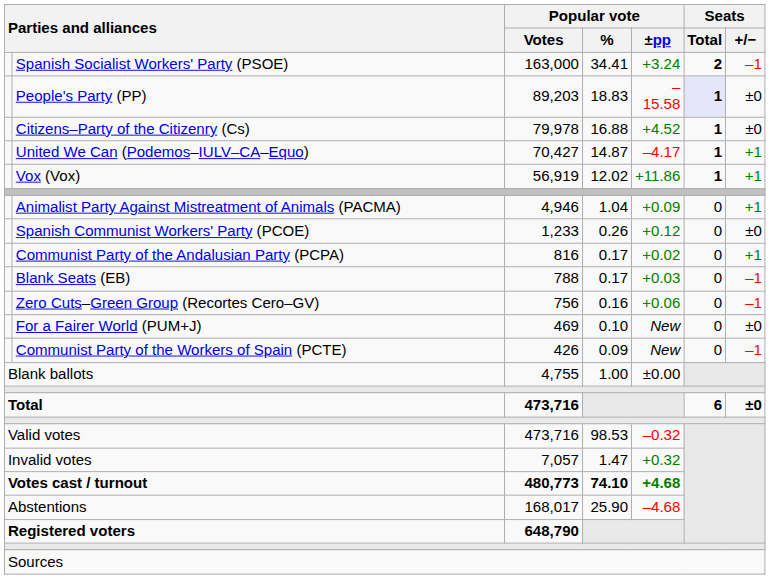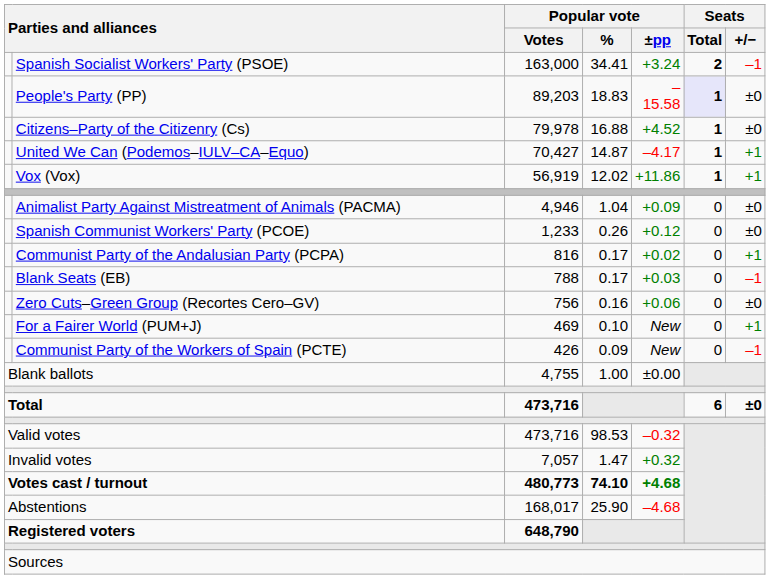 <table class="wikitable" style="text-align:right;">
 <tr>
 <th style="text-align:left;" rowspan="2" colspan="2" width="525">Parties and alliances</th>
 <th colspan="3">Popular vote</th>
 <th colspan="2">Seats</th>
 </tr>
 <tr>
 <th width="75">Votes</th>
 <th width="45">%</th>
 <th width="45">±<a href='#'>pp</a></th>
 <th width="35">Total</th>
 <th width="35">+/−</th>
 </tr>
 <tr>
 <td width="1" style="color:inherit;background:"></td>
 <td align="left"><a href='#'>Spanish Socialist Workers' Party</a> (PSOE)</td>
 <td>163,000</td>
 <td>34.41</td>
 <td style="color:green;">+3.24</td>
 <td><strong>2</strong></td>
 <td style="color:red;">–1</td>
 </tr>
 <tr>
 <td style="color:inherit;background:"></td>
 <td align="left"><a href='#'>People's Party</a> (PP)</td>
 <td>89,203</td>
 <td>18.83</td>
 <td style="color:red;">–15.58</td>
 <td style="background: lavender;"><strong>1</strong></td>
 <td>±0</td>
 </tr>
 <tr>
 <td style="color:inherit;background:"></td>
 <td align="left"><a href='#'>Citizens–Party of the Citizenry</a> (Cs)</td>
 <td>79,978</td>
 <td>16.88</td>
 <td style="color:green;">+4.52</td>
 <td><strong>1</strong></td>
 <td>±0</td>
 </tr>
 <tr>
 <td style="color:inherit;background:"></td>
 <td align="left"><a href='#'>United We Can</a> (<a href='#'>Podemos</a>–<a href='#'>IULV–CA</a>–<a href='#'>Equo</a>)</td>
 <td>70,427</td>
 <td>14.87</td>
 <td style="color:red;">–4.17</td>
 <td><strong>1</strong></td>
 <td style="color:green;">+1</td>
 </tr>
 <tr>
 <td style="color:inherit;background:"></td>
 <td align="left"><a href='#'>Vox</a> (Vox)</td>
 <td>56,919</td>
 <td>12.02</td>
 <td style="color:green;">+11.86</td>
 <td><strong>1</strong></td>
 <td style="color:green;">+1</td>
 </tr>
 <tr>
 <td colspan="7" bgcolor="#C0C0C0"></td>
 </tr>
 <tr>
 <td style="color:inherit;background:"></td>
 <td align="left"><a href='#'>Animalist Party Against Mistreatment of Animals</a> (PACMA)</td>
 <td>4,946</td>
 <td>1.04</td>
 <td style="color:green;">+0.09</td>
 <td>0</td>
-<td style="color:green;">+1</td>
+<td>±0</td>
 </tr>
 <tr>
 <td style="color:inherit;background:"></td>
 <td align="left"><a href='#'>Spanish Communist Workers' Party</a> (PCOE)</td>
 <td>1,233</td>
 <td>0.26</td>
 <td style="color:green;">+0.12</td>
 <td>0</td>
 <td>±0</td>
 </tr>
 <tr>
 <td style="color:inherit;background:"></td>
 <td align="left"><a href='#'>Communist Party of the Andalusian Party</a> (PCPA)</td>
 <td>816</td>
 <td>0.17</td>
 <td style="color:green;">+0.02</td>
 <td>0</td>
 <td style="color:green;">+1</td>
 </tr>
 <tr>
 <td style="color:inherit;background:"></td>
 <td align="left"><a href='#'>Blank Seats</a> (EB)</td>
 <td>788</td>
 <td>0.17</td>
 <td style="color:green;">+0.03</td>
 <td>0</td>
 <td style="color:red;">–1</td>
 </tr>
 <tr>
 <td style="color:inherit;background:"></td>
 <td align="left"><a href='#'>Zero Cuts</a>–<a href='#'>Green Group</a> (Recortes Cero–GV)</td>
 <td>756</td>
 <td>0.16</td>
 <td style="color:green;">+0.06</td>
 <td>0</td>
-<td style="color:red;">–1</td>
+<td>±0</td>
 </tr>
 <tr>
 <td style="color:inherit;background:"></td>
 <td align="left"><a href='#'>For a Fairer World</a> (PUM+J)</td>
 <td>469</td>
 <td>0.10</td>
 <td><em>New</em></td>
 <td>0</td>
-<td>±0</td>
+<td style="color:green;">+1</td>
 </tr>
 <tr>
 <td style="color:inherit;background:"></td>
 <td align="left"><a href='#'>Communist Party of the Workers of Spain</a> (PCTE)</td>
 <td>426</td>
 <td>0.09</td>
 <td><em>New</em></td>
 <td>0</td>
 <td style="color:red;">–1</td>
 </tr>
 <tr>
 <td align="left" colspan="2">Blank ballots</td>
 <td>4,755</td>
 <td>1.00</td>
 <td>±0.00</td>
 <td bgcolor="#E9E9E9" colspan="2"></td>
 </tr>
 <tr>
 <td colspan="7" bgcolor="#E9E9E9"></td>
 </tr>
 <tr style="font-weight:bold;">
 <td align="left" colspan="2">Total</td>
 <td>473,716</td>
 <td bgcolor="#E9E9E9" colspan="2"></td>
 <td>6</td>
 <td>±0</td>
 </tr>
 <tr>
 <td colspan="7" bgcolor="#E9E9E9"></td>
 </tr>
 <tr>
 <td align="left" colspan="2">Valid votes</td>
 <td>473,716</td>
 <td>98.53</td>
 <td style="color:red;">–0.32</td>
 <td bgcolor="#E9E9E9" colspan="2" rowspan="5"></td>
 </tr>
 <tr>
 <td align="left" colspan="2">Invalid votes</td>
 <td>7,057</td>
 <td>1.47</td>
 <td style="color:green;">+0.32</td>
 </tr>
 <tr style="font-weight:bold;">
 <td align="left" colspan="2">Votes cast / turnout</td>
 <td>480,773</td>
 <td>74.10</td>
 <td style="color:green;">+4.68</td>
 </tr>
 <tr>
 <td align="left" colspan="2">Abstentions</td>
 <td>168,017</td>
 <td>25.90</td>
 <td style="color:red;">–4.68</td>
 </tr>
 <tr style="font-weight:bold;">
 <td align="left" colspan="2">Registered voters</td>
 <td>648,790</td>
 <td bgcolor="#E9E9E9" colspan="2"></td>
 </tr>
 <tr>
 <td colspan="7" bgcolor="#E9E9E9"></td>
 </tr>
 <tr>
 <td align="left" colspan="7">Sources</td>
 </tr>
 </table>
